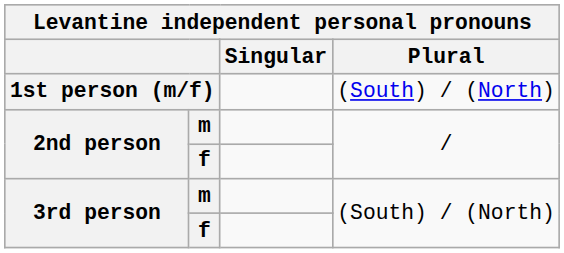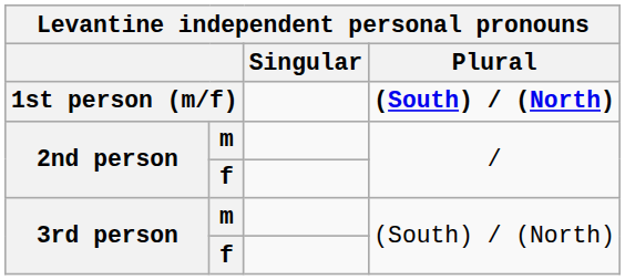 <table class="wikitable" style="text-align:center;">
 <tr>
 <th colspan="4">Levantine independent personal pronouns</th>
 </tr>
 <tr>
 <th colspan="2"></th>
 <th>Singular</th>
 <th>Plural</th>
 </tr>
 <tr>
 <th colspan="2">1st person (m/f)</th>
 <td> </td>
-<td>  (<a href='#'>South</a>) /   (<a href='#'>North</a>)</td>
+<td><strong>  (<a href='#'>South</a>) /   (<a href='#'>North</a>)</strong></td>
 </tr>
 <tr>
 <th rowspan="2">2nd person</th>
 <th>m</th>
 <td> </td>
 <td rowspan="2"> /  </td>
 </tr>
 <tr>
 <th>f</th>
 <td> </td>
 </tr>
 <tr>
 <th rowspan="2">3rd person</th>
 <th>m</th>
 <td> </td>
 <td rowspan="2">  (South) /   (North)</td>
 </tr>
 <tr>
 <th>f</th>
 <td> </td>
 </tr>
 </table>
